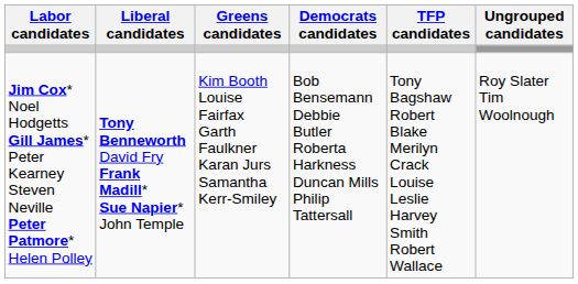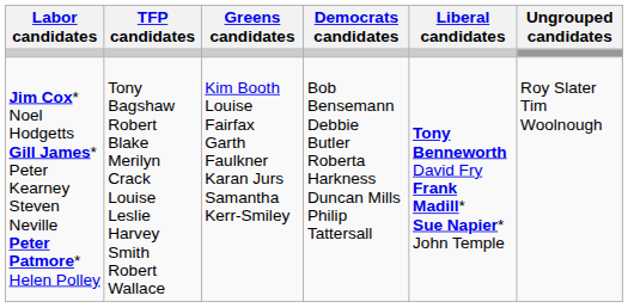 <table class="wikitable">
 <tr>
 <th><a href='#'>Labor</a> candidates</th>
-<th><a href='#'>Liberal</a> candidates</th>
+<th><a href='#'>TFP</a> candidates</th>
 <th><a href='#'>Greens</a> candidates</th>
 <th><a href='#'>Democrats</a> candidates</th>
-<th><a href='#'>TFP</a> candidates</th>
+<th><a href='#'>Liberal</a> candidates</th>
 <th>Ungrouped candidates</th>
 </tr>
 <tr bgcolor="#cccccc">
 <td></td>
 <td></td>
 <td></td>
 <td></td>
 <td></td>
 <td bgcolor="#999999"></td>
 </tr>
 <tr>
 <td><br><strong><a href='#'>Jim Cox</a></strong>*<br> Noel Hodgetts<br> <strong><a href='#'>Gill James</a></strong>*<br> Peter Kearney<br> Steven Neville<br> <strong><a href='#'>Peter Patmore</a></strong>*<br> <a href='#'>Helen Polley</a></td>
-<td><br><strong><a href='#'>Tony Benneworth</a></strong><br> <a href='#'>David Fry</a><br> <strong><a href='#'>Frank Madill</a></strong>*<br> <strong><a href='#'>Sue Napier</a></strong>*<br> John Temple</td>
+<td valign=top><br>Tony Bagshaw<br> Robert Blake<br> Merilyn Crack<br> Louise Leslie<br> Harvey Smith<br> Robert Wallace</td>
 <td valign=top><br><a href='#'>Kim Booth</a><br> Louise Fairfax<br> Garth Faulkner<br> Karan Jurs<br> Samantha Kerr-Smiley</td>
 <td valign=top><br>Bob Bensemann<br> Debbie Butler<br> Roberta Harkness<br> Duncan Mills<br> Philip Tattersall<br></td>
-<td valign=top><br>Tony Bagshaw<br> Robert Blake<br> Merilyn Crack<br> Louise Leslie<br> Harvey Smith<br> Robert Wallace</td>
+<td><br><strong><a href='#'>Tony Benneworth</a></strong><br> <a href='#'>David Fry</a><br> <strong><a href='#'>Frank Madill</a></strong>*<br> <strong><a href='#'>Sue Napier</a></strong>*<br> John Temple</td>
 <td valign=top><br>Roy Slater<br> Tim Woolnough</td>
 </tr>
 </table>
